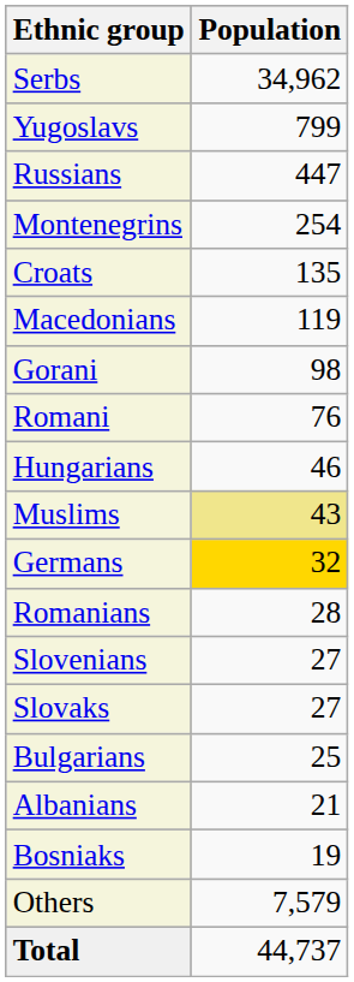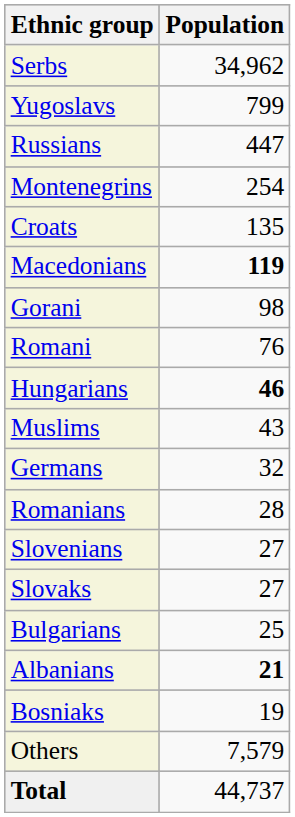 <table class="wikitable">
 <tr>
 <th>Ethnic group</th>
 <th>Population</th>
 </tr>
 <tr>
 <td style="background:#F5F5DC;"><a href='#'>Serbs</a></td>
 <td align="right">34,962</td>
 </tr>
 <tr>
 <td style="background:#F5F5DC;"><a href='#'>Yugoslavs</a></td>
 <td align="right">799</td>
 </tr>
 <tr>
 <td style="background:#F5F5DC;"><a href='#'>Russians</a></td>
 <td align="right">447</td>
 </tr>
 <tr>
 <td style="background:#F5F5DC;"><a href='#'>Montenegrins</a></td>
 <td align="right">254</td>
 </tr>
 <tr>
 <td style="background:#F5F5DC;"><a href='#'>Croats</a></td>
 <td align="right">135</td>
 </tr>
 <tr>
 <td style="background:#F5F5DC;"><a href='#'>Macedonians</a></td>
-<td align="right">119</td>
+<td align="right"><strong>119</strong></td>
 </tr>
 <tr>
 <td style="background:#F5F5DC;"><a href='#'>Gorani</a></td>
 <td align="right">98</td>
 </tr>
 <tr>
 <td style="background:#F5F5DC;"><a href='#'>Romani</a></td>
 <td align="right">76</td>
 </tr>
 <tr>
 <td style="background:#F5F5DC;"><a href='#'>Hungarians</a></td>
-<td align="right">46</td>
+<td align="right"><strong>46</strong></td>
 </tr>
 <tr>
 <td style="background:#F5F5DC;"><a href='#'>Muslims</a></td>
-<td align="right" style="background: khaki;">43</td>
+<td align="right">43</td>
 </tr>
 <tr>
 <td style="background:#F5F5DC;"><a href='#'>Germans</a></td>
-<td align="right" style="background: gold;">32</td>
+<td align="right">32</td>
 </tr>
 <tr>
 <td style="background:#F5F5DC;"><a href='#'>Romanians</a></td>
 <td align="right">28</td>
 </tr>
 <tr>
 <td style="background:#F5F5DC;"><a href='#'>Slovenians</a></td>
 <td align="right">27</td>
 </tr>
 <tr>
 <td style="background:#F5F5DC;"><a href='#'>Slovaks</a></td>
 <td align="right">27</td>
 </tr>
 <tr>
 <td style="background:#F5F5DC;"><a href='#'>Bulgarians</a></td>
 <td align="right">25</td>
 </tr>
 <tr>
 <td style="background:#F5F5DC;"><a href='#'>Albanians</a></td>
-<td align="right">21</td>
+<td align="right"><strong>21</strong></td>
 </tr>
 <tr>
 <td style="background:#F5F5DC;"><a href='#'>Bosniaks</a></td>
 <td align="right">19</td>
 </tr>
 <tr>
 <td style="background:#F5F5DC;">Others</td>
 <td align="right">7,579</td>
 </tr>
 <tr>
 <td style="background:#F0F0F0;"><strong>Total</strong></td>
 <td align="right">44,737</td>
 </tr>
 </table>
